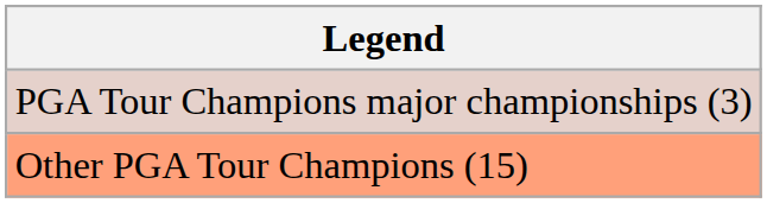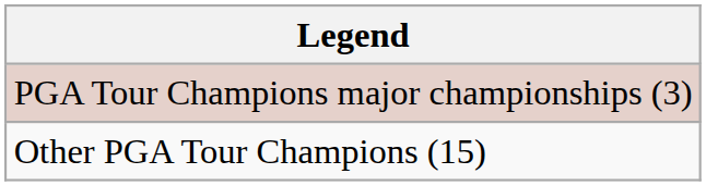 <table class="wikitable" style="font-size:95%;">
 <tr>
 <th>Legend</th>
 </tr>
 <tr style="background:#e5d1cb;">
 <td>PGA Tour Champions major championships (3)</td>
 </tr>
 <tr>
-<td style="background: lightsalmon;">Other PGA Tour Champions (15)</td>
+<td>Other PGA Tour Champions (15)</td>
 </tr>
 </table>
